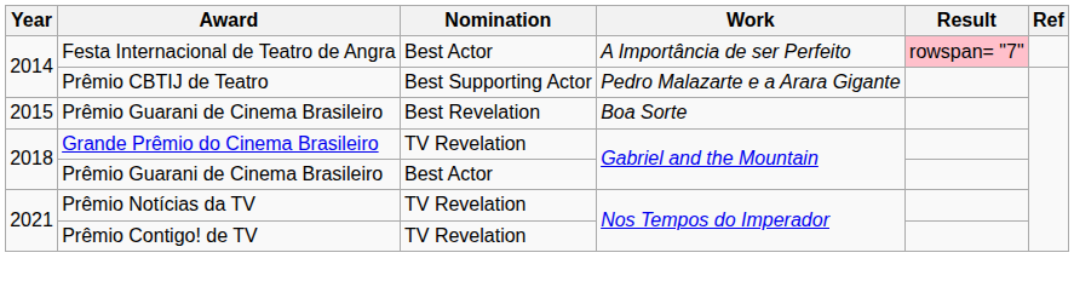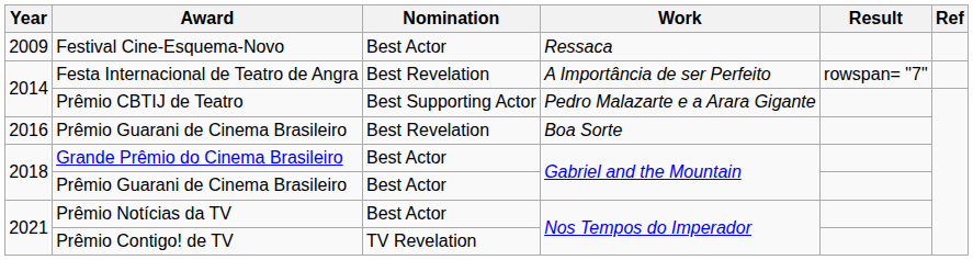 <table class="wikitable">
 <tr>
 <th>Year</th>
 <th>Award</th>
 <th>Nomination</th>
 <th>Work</th>
 <th>Result</th>
 <th>Ref</th>
 </tr>
 <tr>
+<td>2009</td>
+<td>Festival Cine-Esquema-Novo</td>
+<td>Best Actor</td>
+<td><em>Ressaca</em></td>
+<td></td>
+<td></td>
+</tr>
+<tr>
 <td rowspan="2">2014</td>
 <td>Festa Internacional de Teatro de Angra</td>
-<td>Best Actor</td>
+<td>Best Revelation</td>
 <td><em>A Importância de ser Perfeito</em></td>
-<td style="background: pink;">rowspan= "7" </td>
+<td>rowspan= "7" </td>
 <td></td>
 </tr>
 <tr>
 <td>Prêmio CBTIJ de Teatro</td>
 <td>Best Supporting Actor</td>
 <td><em>Pedro Malazarte e a Arara Gigante</em></td>
 <td></td>
 </tr>
 <tr>
-<td>2015</td>
+<td>2016</td>
 <td>Prêmio Guarani de Cinema Brasileiro</td>
 <td>Best Revelation</td>
 <td><em>Boa Sorte</em></td>
 <td></td>
 </tr>
 <tr>
 <td rowspan="2">2018</td>
 <td><a href='#'>Grande Prêmio do Cinema Brasileiro</a></td>
-<td>TV Revelation</td>
+<td>Best Actor</td>
 <td rowspan="2"><em><a href='#'>Gabriel and the Mountain</a></em></td>
 <td></td>
 </tr>
 <tr>
 <td>Prêmio Guarani de Cinema Brasileiro</td>
 <td>Best Actor</td>
 <td></td>
 </tr>
 <tr>
 <td rowspan="2">2021</td>
 <td>Prêmio Notícias da TV</td>
-<td>TV Revelation</td>
+<td>Best Actor</td>
 <td rowspan="2"><em><a href='#'>Nos Tempos do Imperador</a></em></td>
 <td></td>
 </tr>
 <tr>
 <td>Prêmio Contigo! de TV</td>
 <td>TV Revelation</td>
 <td></td>
 </tr>
 </table>
